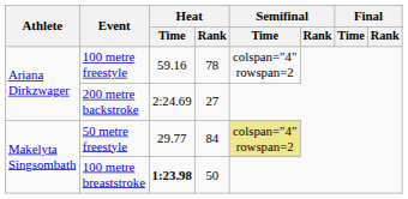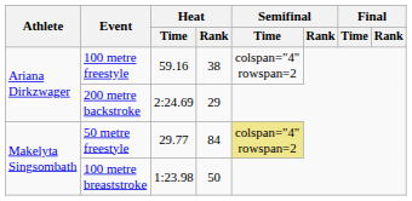 <table class="wikitable" style="text-align:center; font-size:90%; width:50%;">
 <tr>
 <th rowspan="2">Athlete</th>
 <th rowspan="2">Event</th>
 <th colspan="2">Heat</th>
 <th colspan="2">Semifinal</th>
 <th colspan="2">Final</th>
 </tr>
 <tr style="font-size:95%">
 <th>Time</th>
 <th>Rank</th>
 <th>Time</th>
 <th>Rank</th>
 <th>Time</th>
 <th>Rank</th>
 </tr>
 <tr>
 <td align=left rowspan=2><a href='#'>Ariana Dirkzwager</a></td>
 <td align=left><a href='#'>100 metre freestyle</a></td>
 <td>59.16</td>
-<td>78</td>
+<td>38</td>
 <td>colspan="4" rowspan=2</td>
 </tr>
 <tr>
 <td align=left><a href='#'>200 metre backstroke</a></td>
 <td>2:24.69</td>
-<td>27</td>
+<td>29</td>
 </tr>
 <tr>
 <td align=left rowspan=2><a href='#'>Makelyta Singsombath</a></td>
 <td align=left><a href='#'>50 metre freestyle</a></td>
 <td>29.77</td>
 <td>84</td>
 <td style="background: khaki;">colspan="4" rowspan=2</td>
 </tr>
 <tr>
 <td align=left><a href='#'>100 metre breaststroke</a></td>
-<td><strong>1:23.98</strong></td>
+<td>1:23.98</td>
 <td>50</td>
 </tr>
 </table>
